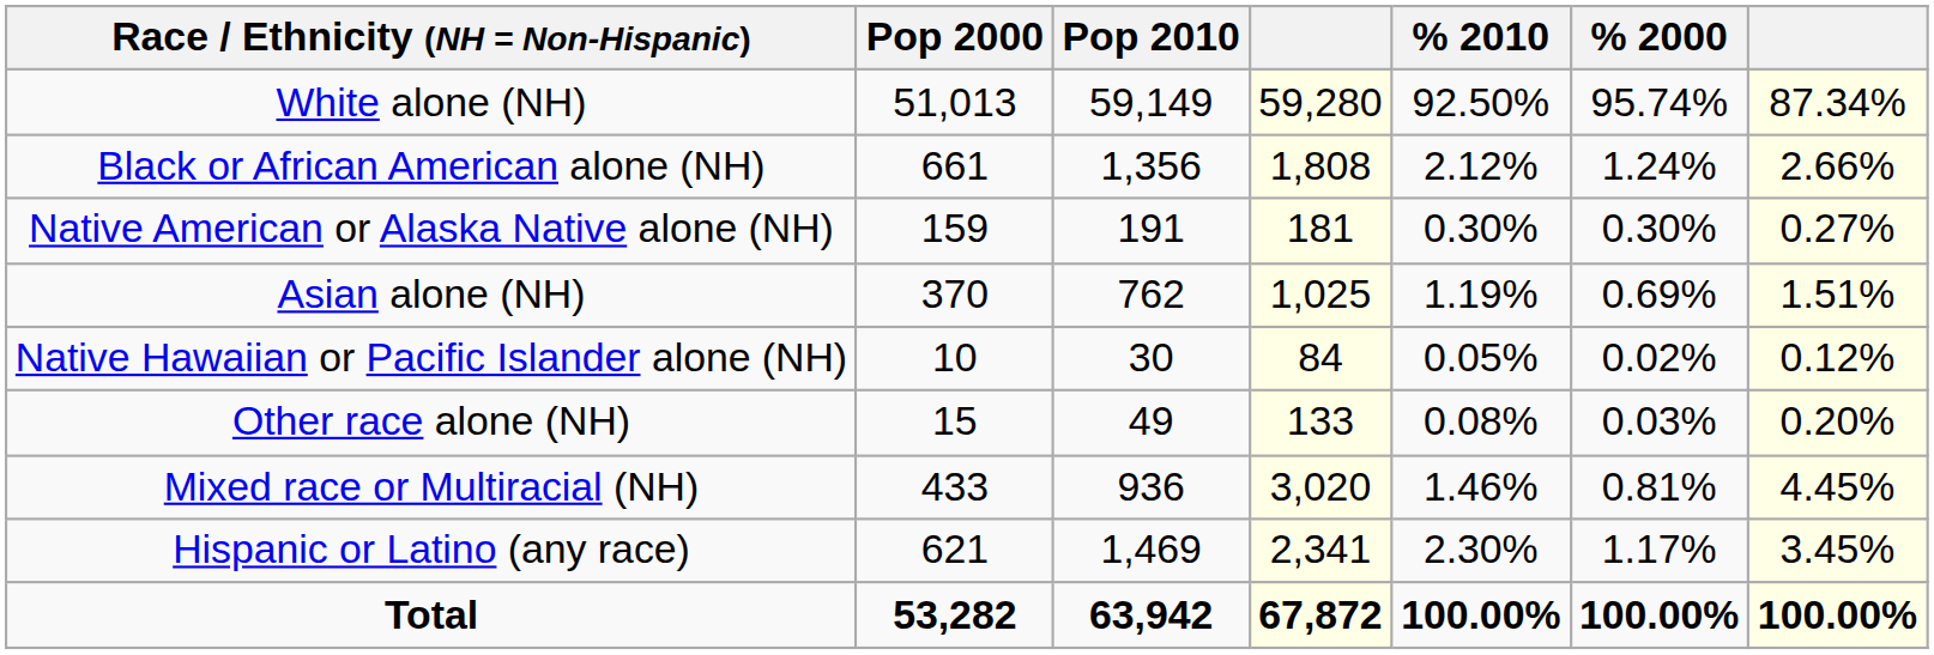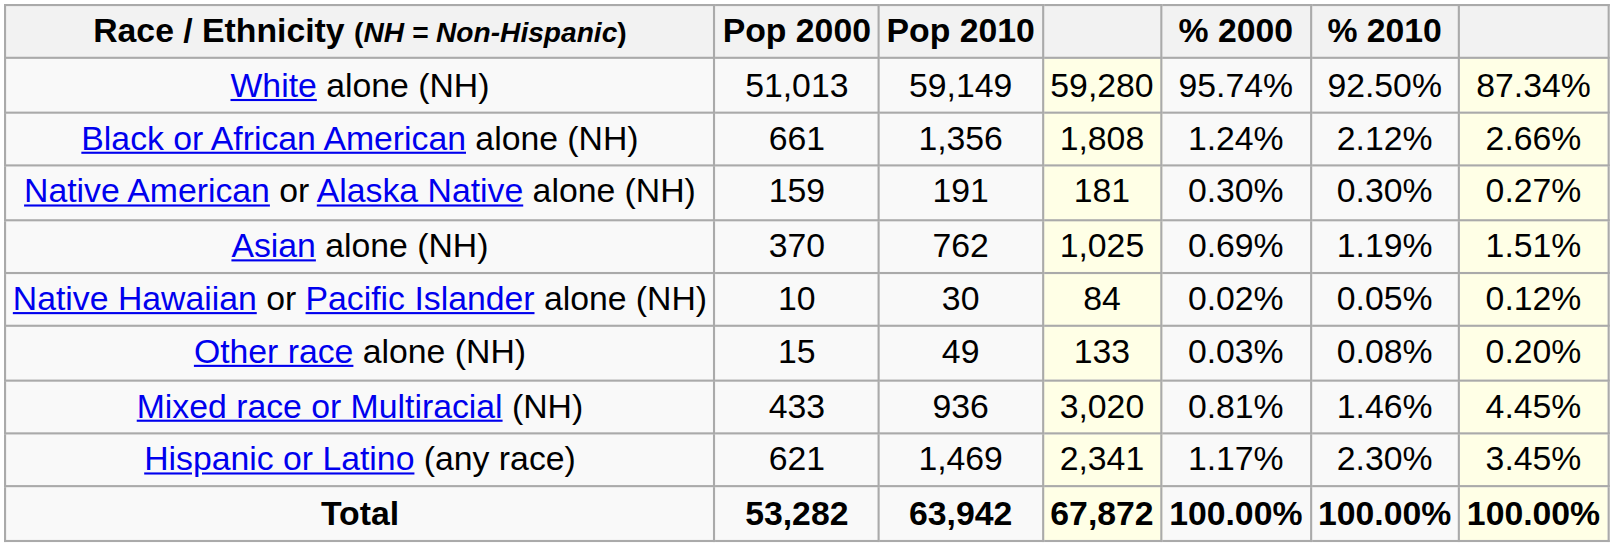 <table class="wikitable" style="text-align:center;">
 <tr>
 <th>Race / Ethnicity <small>(<em>NH = Non-Hispanic</em>)</small></th>
 <th>Pop 2000</th>
 <th>Pop 2010</th>
 <th></th>
+<th>% 2000</th>
 <th>% 2010</th>
-<th>% 2000</th>
 <th></th>
 </tr>
 <tr>
 <td><a href='#'>White</a> alone (NH)</td>
 <td>51,013</td>
 <td>59,149</td>
 <td style='background: #ffffe6;'>59,280</td>
+<td>95.74%</td>
 <td>92.50%</td>
-<td>95.74%</td>
 <td style='background: #ffffe6;'>87.34%</td>
 </tr>
 <tr>
 <td><a href='#'>Black or African American</a> alone (NH)</td>
 <td>661</td>
 <td>1,356</td>
 <td style='background: #ffffe6;'>1,808</td>
+<td>1.24%</td>
 <td>2.12%</td>
-<td>1.24%</td>
 <td style='background: #ffffe6;'>2.66%</td>
 </tr>
 <tr>
 <td><a href='#'>Native American</a> or <a href='#'>Alaska Native</a> alone (NH)</td>
 <td>159</td>
 <td>191</td>
 <td style='background: #ffffe6;'>181</td>
 <td>0.30%</td>
 <td>0.30%</td>
 <td style='background: #ffffe6;'>0.27%</td>
 </tr>
 <tr>
 <td><a href='#'>Asian</a> alone (NH)</td>
 <td>370</td>
 <td>762</td>
 <td style='background: #ffffe6;'>1,025</td>
+<td>0.69%</td>
 <td>1.19%</td>
-<td>0.69%</td>
 <td style='background: #ffffe6;'>1.51%</td>
 </tr>
 <tr>
 <td><a href='#'>Native Hawaiian</a> or <a href='#'>Pacific Islander</a> alone (NH)</td>
 <td>10</td>
 <td>30</td>
 <td style='background: #ffffe6;'>84</td>
+<td>0.02%</td>
 <td>0.05%</td>
-<td>0.02%</td>
 <td style='background: #ffffe6;'>0.12%</td>
 </tr>
 <tr>
 <td><a href='#'>Other race</a> alone (NH)</td>
 <td>15</td>
 <td>49</td>
 <td style='background: #ffffe6;'>133</td>
+<td>0.03%</td>
 <td>0.08%</td>
-<td>0.03%</td>
 <td style='background: #ffffe6;'>0.20%</td>
 </tr>
 <tr>
 <td><a href='#'>Mixed race or Multiracial</a> (NH)</td>
 <td>433</td>
 <td>936</td>
 <td style='background: #ffffe6;'>3,020</td>
+<td>0.81%</td>
 <td>1.46%</td>
-<td>0.81%</td>
 <td style='background: #ffffe6;'>4.45%</td>
 </tr>
 <tr>
 <td><a href='#'>Hispanic or Latino</a> (any race)</td>
 <td>621</td>
 <td>1,469</td>
 <td style='background: #ffffe6;'>2,341</td>
+<td>1.17%</td>
 <td>2.30%</td>
-<td>1.17%</td>
 <td style='background: #ffffe6;'>3.45%</td>
 </tr>
 <tr>
 <td><strong>Total</strong></td>
 <td><strong>53,282</strong></td>
 <td><strong>63,942</strong></td>
 <td style='background: #ffffe6;'><strong>67,872</strong></td>
 <td><strong>100.00%</strong></td>
 <td><strong>100.00%</strong></td>
 <td style='background: #ffffe6;'><strong>100.00%</strong></td>
 </tr>
 </table>
